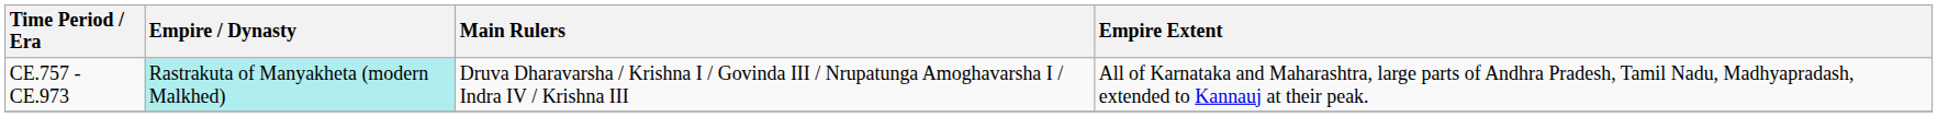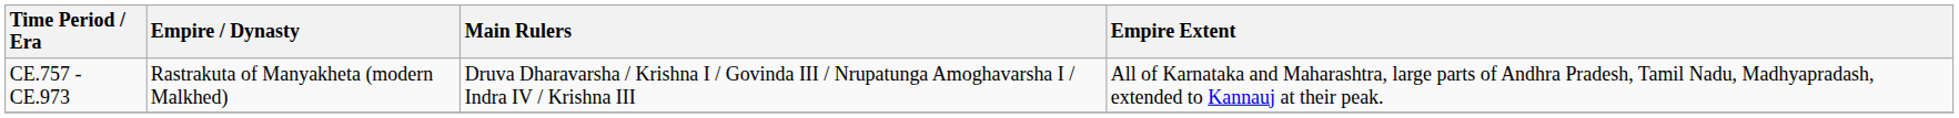 <table class="wikitable">
 <tr>
 <th style="text-align: left;">Time Period / Era</th>
 <th style="text-align: left;">Empire / Dynasty</th>
 <th style="text-align: left;">Main Rulers</th>
 <th style="text-align: left;">Empire Extent</th>
 </tr>
 <tr>
 <td>CE.757 - CE.973</td>
-<td style="background: paleturquoise;">Rastrakuta of Manyakheta (modern Malkhed)</td>
+<td>Rastrakuta of Manyakheta (modern Malkhed)</td>
 <td>Druva Dharavarsha / Krishna I / Govinda III / Nrupatunga Amoghavarsha I / Indra IV / Krishna III</td>
 <td>All of Karnataka and Maharashtra, large parts of Andhra Pradesh, Tamil Nadu, Madhyapradash, extended to <a href='#'>Kannauj</a> at their peak.</td>
 </tr>
 <tr>
 </tr>
 </table>
